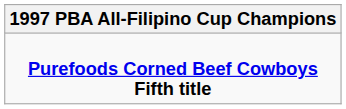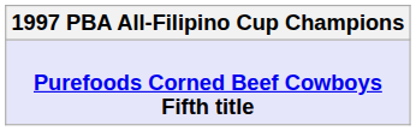 <table class=wikitable style="text-align:center; margin:auto">
 <tr>
 <th>1997 PBA All-Filipino Cup Champions</th>
 </tr>
 <tr>
-<td><br> <strong><a href='#'>Purefoods Corned Beef Cowboys</a></strong> <br> <strong>Fifth title</strong></td>
+<td style="background: lavender;"><br> <strong><a href='#'>Purefoods Corned Beef Cowboys</a></strong> <br> <strong>Fifth title</strong></td>
 </tr>
 </table>
